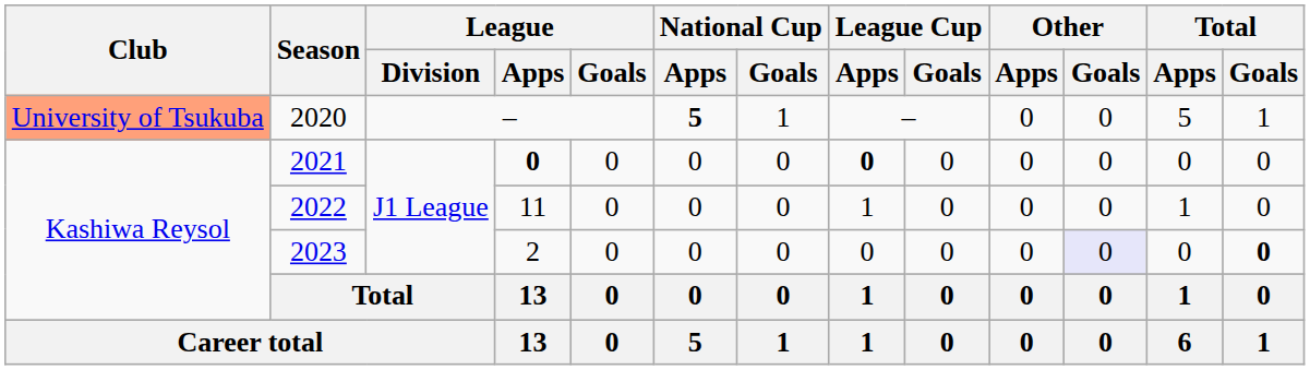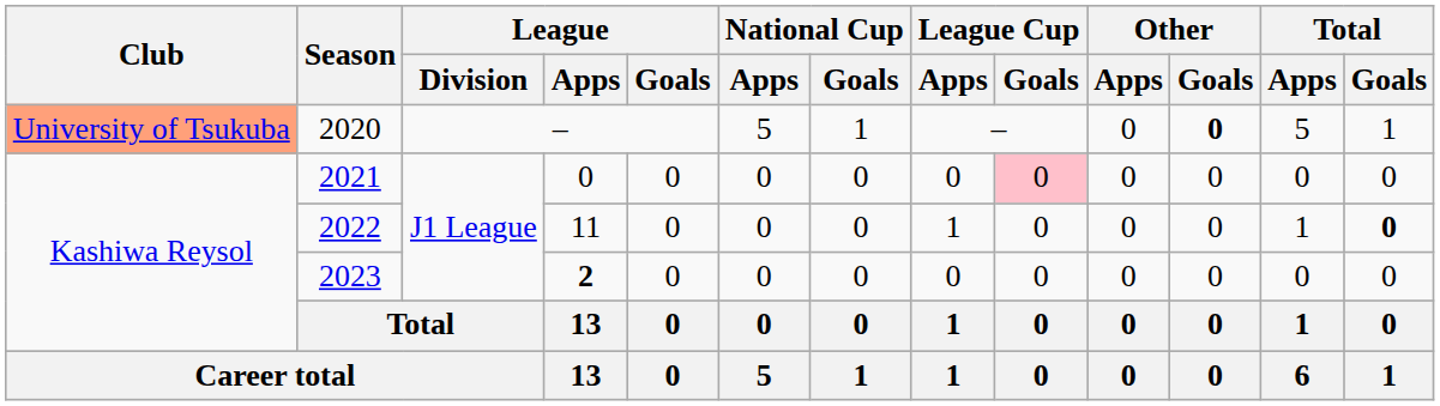 <table class="wikitable" style="text-align: center">
 <tr>
 <th rowspan="2">Club</th>
 <th rowspan="2">Season</th>
 <th colspan="3">League</th>
 <th colspan="2">National Cup</th>
 <th colspan="2">League Cup</th>
 <th colspan="2">Other</th>
 <th colspan="2">Total</th>
 </tr>
 <tr>
 <th>Division</th>
 <th>Apps</th>
 <th>Goals</th>
 <th>Apps</th>
 <th>Goals</th>
 <th>Apps</th>
 <th>Goals</th>
 <th>Apps</th>
 <th>Goals</th>
 <th>Apps</th>
 <th>Goals</th>
 </tr>
 <tr>
 <td style="background: lightsalmon;"><a href='#'>University of Tsukuba</a></td>
 <td>2020</td>
 <td colspan="3">–</td>
-<td><strong>5</strong></td>
+<td>5</td>
 <td>1</td>
 <td colspan="2">–</td>
 <td>0</td>
-<td>0</td>
+<td><strong>0</strong></td>
 <td>5</td>
 <td>1</td>
 </tr>
 <tr>
 <td rowspan="4"><a href='#'>Kashiwa Reysol</a></td>
 <td><a href='#'>2021</a></td>
 <td rowspan="3"><a href='#'>J1 League</a></td>
-<td><strong>0</strong></td>
 <td>0</td>
 <td>0</td>
 <td>0</td>
-<td><strong>0</strong></td>
 <td>0</td>
+<td>0</td>
+<td style="background: pink;">0</td>
 <td>0</td>
 <td>0</td>
 <td>0</td>
 <td>0</td>
 </tr>
 <tr>
 <td><a href='#'>2022</a></td>
 <td>11</td>
 <td>0</td>
 <td>0</td>
 <td>0</td>
 <td>1</td>
 <td>0</td>
 <td>0</td>
 <td>0</td>
 <td>1</td>
-<td>0</td>
+<td><strong>0</strong></td>
 </tr>
 <tr>
 <td><a href='#'>2023</a></td>
-<td>2</td>
+<td><strong>2</strong></td>
 <td>0</td>
 <td>0</td>
 <td>0</td>
 <td>0</td>
 <td>0</td>
 <td>0</td>
-<td style="background: lavender;">0</td>
 <td>0</td>
-<td><strong>0</strong></td>
+<td>0</td>
+<td>0</td>
 </tr>
 <tr>
 <th colspan=2>Total</th>
 <th>13</th>
 <th>0</th>
 <th>0</th>
 <th>0</th>
 <th>1</th>
 <th>0</th>
 <th>0</th>
 <th>0</th>
 <th>1</th>
 <th>0</th>
 </tr>
 <tr>
 <th colspan=3>Career total</th>
 <th>13</th>
 <th>0</th>
 <th>5</th>
 <th>1</th>
 <th>1</th>
 <th>0</th>
 <th>0</th>
 <th>0</th>
 <th>6</th>
 <th>1</th>
 </tr>
 </table>
